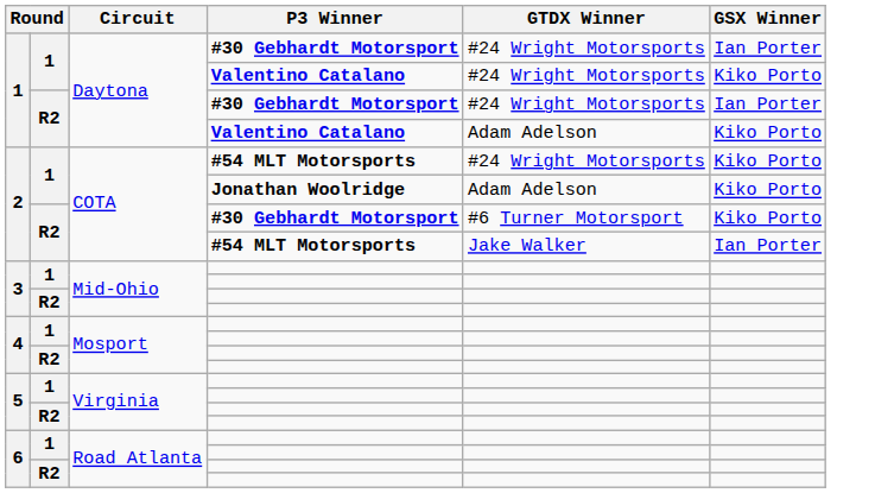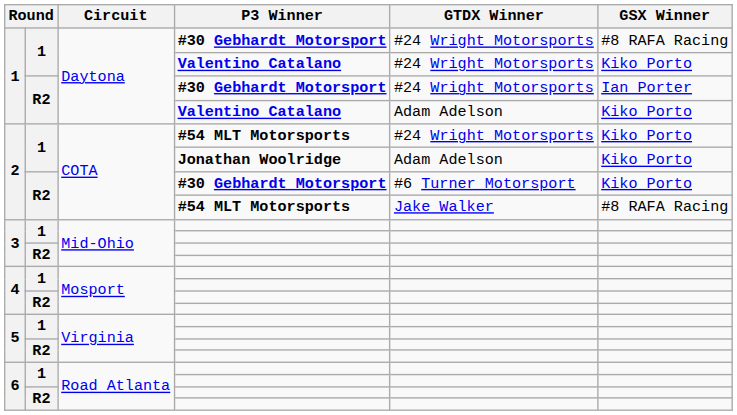 <table class="wikitable" style="font-size:85%;">
 <tr>
 <th colspan="2">Round</th>
 <th>Circuit</th>
 <th>P3 Winner</th>
 <th>GTDX Winner</th>
 <th>GSX Winner</th>
 </tr>
 <tr>
 <th rowspan="4">1</th>
 <th rowspan="2">1</th>
 <td rowspan="4"> <a href='#'>Daytona</a></td>
 <td><strong> #30 <a href='#'>Gebhardt Motorsport</a></strong></td>
 <td> #24 <a href='#'>Wright Motorsports</a></td>
-<td> <a href='#'>Ian Porter</a></td>
+<td> #8 RAFA Racing</td>
 </tr>
 <tr>
 <td> <strong><a href='#'>Valentino Catalano</a></strong></td>
 <td> #24 <a href='#'>Wright Motorsports</a></td>
 <td> <a href='#'>Kiko Porto</a></td>
 </tr>
 <tr>
 <th rowspan="2">R2</th>
 <td><strong> #30 <a href='#'>Gebhardt Motorsport</a></strong></td>
 <td> #24 <a href='#'>Wright Motorsports</a></td>
 <td> <a href='#'>Ian Porter</a></td>
 </tr>
 <tr>
 <td> <strong><a href='#'>Valentino Catalano</a></strong></td>
 <td> Adam Adelson</td>
 <td> <a href='#'>Kiko Porto</a></td>
 </tr>
 <tr>
 <th rowspan="4">2</th>
 <th rowspan="2">1</th>
 <td rowspan="4"> <a href='#'>COTA</a></td>
 <td><strong> #54 MLT Motorsports</strong></td>
 <td> #24 <a href='#'>Wright Motorsports</a></td>
 <td> <a href='#'>Kiko Porto</a></td>
 </tr>
 <tr>
 <td><strong> Jonathan Woolridge</strong></td>
 <td> Adam Adelson</td>
 <td> <a href='#'>Kiko Porto</a></td>
 </tr>
 <tr>
 <th rowspan="2">R2</th>
 <td><strong> #30 <a href='#'>Gebhardt Motorsport</a></strong></td>
 <td> #6 <a href='#'>Turner Motorsport</a></td>
 <td> <a href='#'>Kiko Porto</a></td>
 </tr>
 <tr>
 <td><strong> #54 MLT Motorsports</strong></td>
 <td> <a href='#'>Jake Walker</a></td>
-<td> <a href='#'>Ian Porter</a></td>
+<td> #8 RAFA Racing</td>
 </tr>
 <tr>
 <th rowspan="4">3</th>
 <th rowspan="2">1</th>
 <td rowspan="4"> <a href='#'>Mid-Ohio</a></td>
 <td></td>
 <td></td>
 <td></td>
 </tr>
 <tr>
 <td></td>
 <td></td>
 <td></td>
 </tr>
 <tr>
 <th rowspan="2">R2</th>
 <td></td>
 <td></td>
 <td></td>
 </tr>
 <tr>
 <td></td>
 <td></td>
 <td></td>
 </tr>
 <tr>
 <th rowspan="4">4</th>
 <th rowspan="2">1</th>
 <td rowspan="4"> <a href='#'>Mosport</a></td>
 <td></td>
 <td></td>
 <td></td>
 </tr>
 <tr>
 <td></td>
 <td></td>
 <td></td>
 </tr>
 <tr>
 <th rowspan="2">R2</th>
 <td></td>
 <td></td>
 <td></td>
 </tr>
 <tr>
 <td></td>
 <td></td>
 <td></td>
 </tr>
 <tr>
 <th rowspan="4">5</th>
 <th rowspan="2">1</th>
 <td rowspan="4"> <a href='#'>Virginia</a></td>
 <td></td>
 <td></td>
 <td></td>
 </tr>
 <tr>
 <td></td>
 <td></td>
 <td></td>
 </tr>
 <tr>
 <th rowspan="2">R2</th>
 <td></td>
 <td></td>
 <td></td>
 </tr>
 <tr>
 <td></td>
 <td></td>
 <td></td>
 </tr>
 <tr>
 <th rowspan="4">6</th>
 <th rowspan="2">1</th>
 <td rowspan="4"> <a href='#'>Road Atlanta</a></td>
 <td></td>
 <td></td>
 <td></td>
 </tr>
 <tr>
 <td></td>
 <td></td>
 <td></td>
 </tr>
 <tr>
 <th rowspan="2">R2</th>
 <td></td>
 <td></td>
 <td></td>
 </tr>
 <tr>
 <td></td>
 <td></td>
 <td></td>
 </tr>
 </table>
